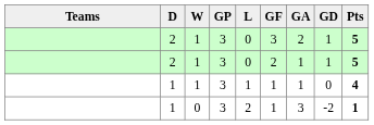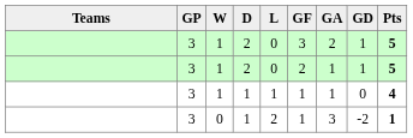 <table style=border-collapse:collapse border=1 cellspacing=0 cellpadding=5>
 <tr align=center bgcolor=#efefef>
 <th width=185>Teams</th>
+<th width=20>GP</th>
+<th width=20>W</th>
 <th width=20>D</th>
-<th width=20>W</th>
-<th width=20>GP</th>
 <th width=20>L</th>
 <th width=20>GF</th>
 <th width=20>GA</th>
 <th width=20>GD</th>
 <th width=20>Pts</th>
 </tr>
 <tr align=center style="background:#ccffcc;">
 <td style="text-align:left;"></td>
+<td>3</td>
+<td>1</td>
 <td>2</td>
-<td>1</td>
-<td>3</td>
 <td>0</td>
 <td>3</td>
 <td>2</td>
 <td>1</td>
 <td><strong>5</strong></td>
 </tr>
 <tr align=center style="background:#ccffcc;">
 <td style="text-align:left;"></td>
+<td>3</td>
+<td>1</td>
 <td>2</td>
-<td>1</td>
-<td>3</td>
 <td>0</td>
 <td>2</td>
 <td>1</td>
 <td>1</td>
 <td><strong>5</strong></td>
 </tr>
 <tr align=center>
 <td style="text-align:left;"></td>
+<td>3</td>
 <td>1</td>
 <td>1</td>
-<td>3</td>
 <td>1</td>
 <td>1</td>
 <td>1</td>
 <td>0</td>
 <td><strong>4</strong></td>
 </tr>
 <tr align=center>
 <td style="text-align:left;"></td>
+<td>3</td>
+<td>0</td>
 <td>1</td>
-<td>0</td>
-<td>3</td>
 <td>2</td>
 <td>1</td>
 <td>3</td>
 <td>-2</td>
 <td><strong>1</strong></td>
 </tr>
 </table>
